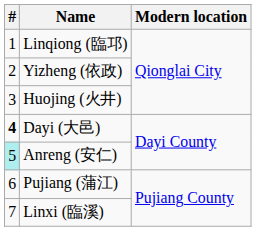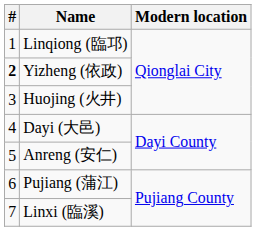 <table class="wikitable">
 <tr>
 <th>#</th>
 <th>Name</th>
 <th>Modern location</th>
 </tr>
 <tr>
 <td>1</td>
 <td>Linqiong (臨邛)</td>
 <td rowspan=3><a href='#'>Qionglai City</a></td>
 </tr>
 <tr>
-<td>2</td>
+<td><strong>2</strong></td>
 <td>Yizheng (依政)</td>
 </tr>
 <tr>
 <td>3</td>
 <td>Huojing (火井)</td>
 </tr>
 <tr>
-<td><strong>4</strong></td>
+<td>4</td>
 <td>Dayi (大邑)</td>
 <td rowspan=2><a href='#'>Dayi County</a></td>
 </tr>
 <tr>
-<td style="background: paleturquoise;">5</td>
+<td>5</td>
 <td>Anreng (安仁)</td>
 </tr>
 <tr>
 <td>6</td>
 <td>Pujiang (蒲江)</td>
 <td rowspan=2><a href='#'>Pujiang County</a></td>
 </tr>
 <tr>
 <td>7</td>
 <td>Linxi (臨溪)</td>
 </tr>
 </table>
